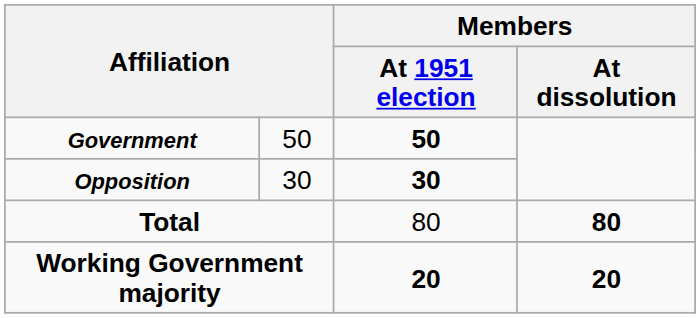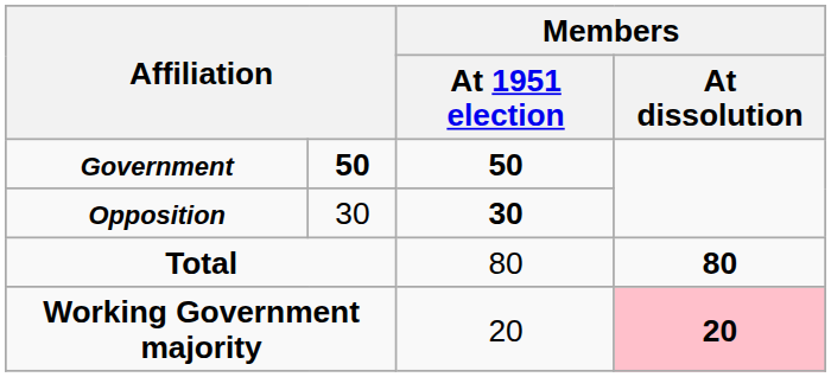 <table class="wikitable" border="1" style="font-size:95%; width:300pt; text-align:center">
 <tr>
 <th colspan="2" rowspan="2" style="text-align:center;vertical-align:middle; ">Affiliation</th>
 <th colspan="2" style="vertical-align:top;">Members</th>
 </tr>
 <tr>
 <th>At <a href='#'>1951 election</a></th>
 <th>At dissolution</th>
 </tr>
 <tr>
 <td> <small><strong><em>Government</em></strong></small></td>
-<td>50</td>
+<td><strong>50</strong></td>
 <td><strong>50</strong></td>
 </tr>
 <tr>
 <td> <small><strong><em>Opposition</em></strong></small></td>
 <td>30</td>
 <td><strong>30</strong></td>
 </tr>
 <tr>
 <td colspan="2" rowspan="1"><strong>Total</strong><br></td>
 <td>80</td>
 <td><strong>80</strong></td>
 </tr>
 <tr>
 <td colspan="2" rowspan="1"><strong>Working Government majority</strong></td>
-<td><strong>20</strong></td>
-<td><strong>20</strong></td>
+<td>20</td>
+<td style="background: pink;"><strong>20</strong></td>
 </tr>
 </table>
